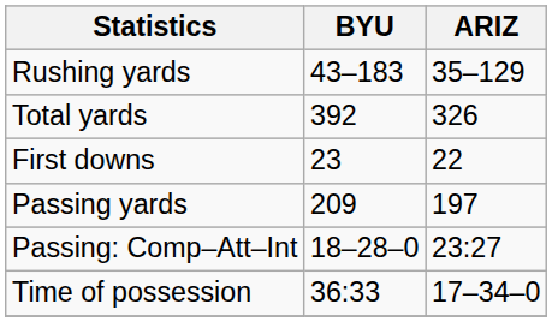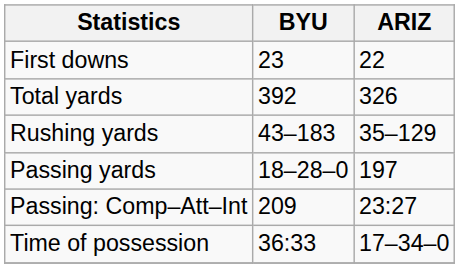 <table class="wikitable" style="float: left;">
 <tr>
 <th>Statistics</th>
 <th>BYU</th>
 <th>ARIZ</th>
 </tr>
 <tr>
-<td>Rushing yards</td>
-<td>43–183</td>
-<td>35–129</td>
+<td>First downs</td>
+<td>23</td>
+<td>22</td>
 </tr>
 <tr>
 <td>Total yards</td>
 <td>392</td>
 <td>326</td>
 </tr>
 <tr>
-<td>First downs</td>
-<td>23</td>
-<td>22</td>
+<td>Rushing yards</td>
+<td>43–183</td>
+<td>35–129</td>
 </tr>
 <tr>
 <td>Passing yards</td>
-<td>209</td>
+<td>18–28–0</td>
 <td>197</td>
 </tr>
 <tr>
 <td>Passing: Comp–Att–Int</td>
-<td>18–28–0</td>
+<td>209</td>
 <td>23:27</td>
 </tr>
 <tr>
 <td>Time of possession</td>
 <td>36:33</td>
 <td>17–34–0</td>
 </tr>
 <tr>
 </tr>
 </table>
